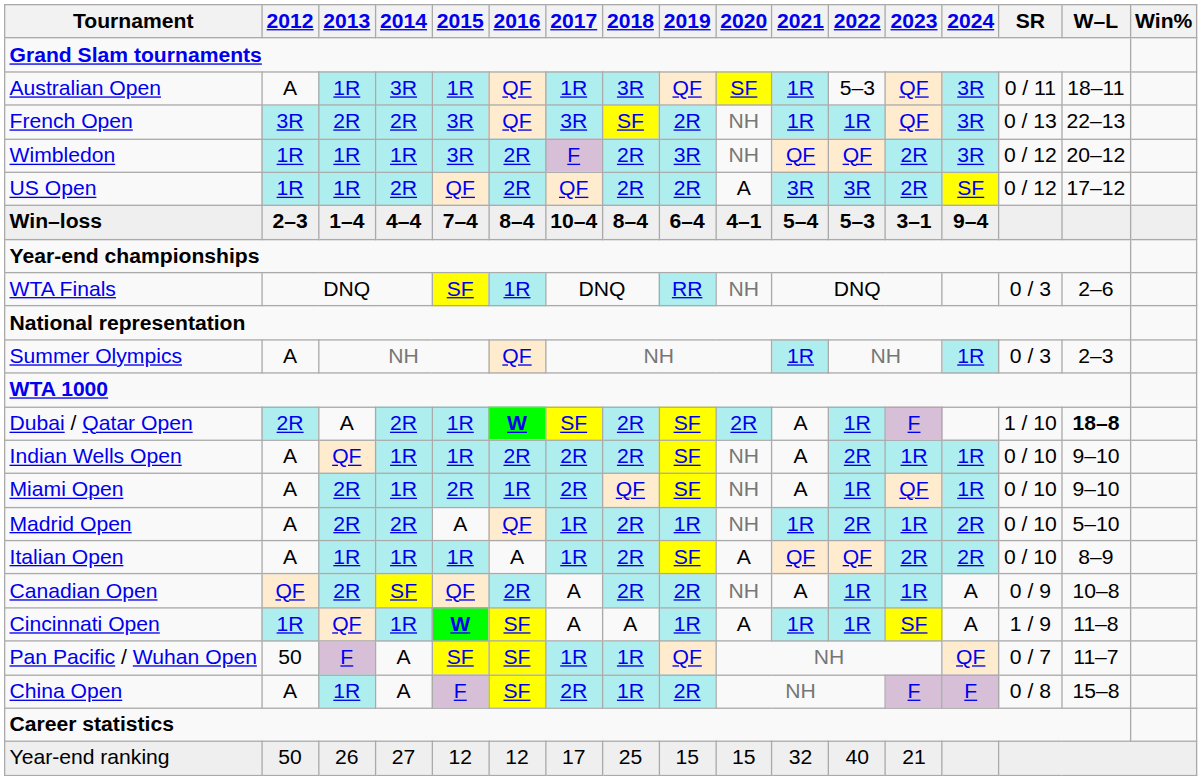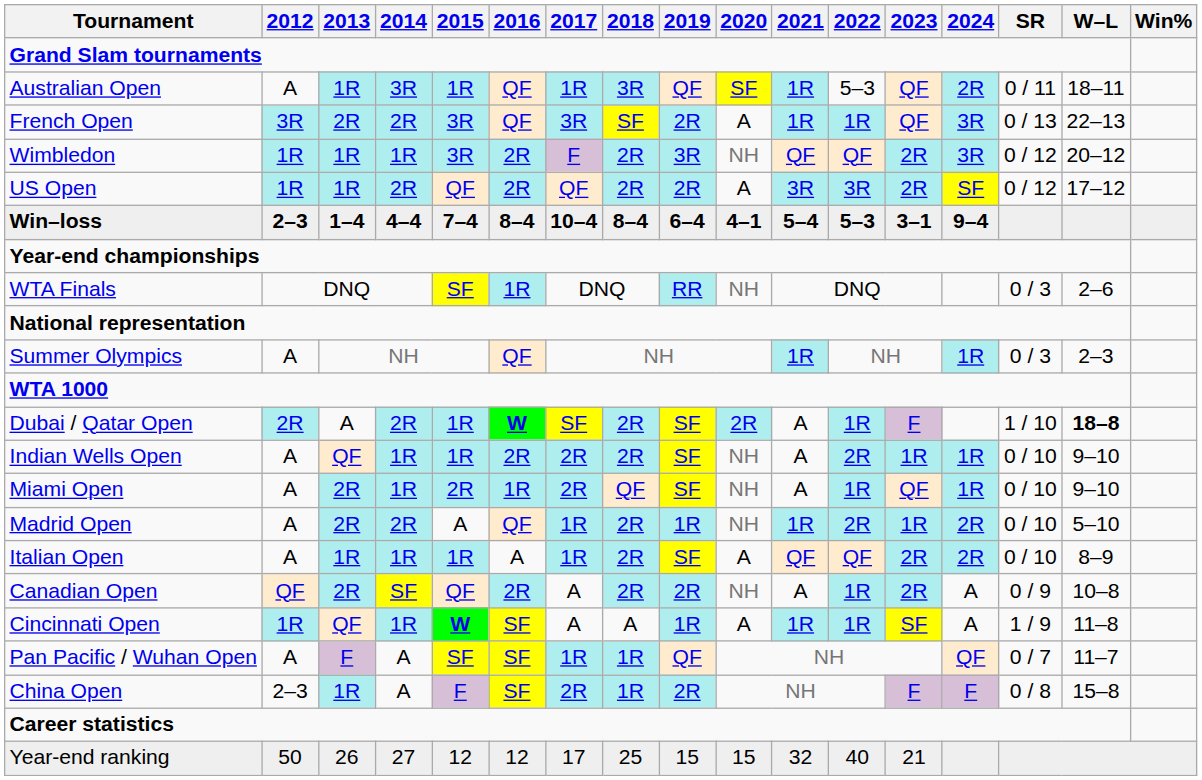 <table class="wikitable" style="text-align:center">
 <tr>
 <th>Tournament</th>
 <th><a href='#'>2012</a></th>
 <th><a href='#'>2013</a></th>
 <th><a href='#'>2014</a></th>
 <th><a href='#'>2015</a></th>
 <th><a href='#'>2016</a></th>
 <th><a href='#'>2017</a></th>
 <th><a href='#'>2018</a></th>
 <th><a href='#'>2019</a></th>
 <th><a href='#'>2020</a></th>
 <th><a href='#'>2021</a></th>
 <th><a href='#'>2022</a></th>
 <th><a href='#'>2023</a></th>
 <th><a href='#'>2024</a></th>
 <th>SR</th>
 <th>W–L</th>
 <th>Win%</th>
 </tr>
 <tr>
 <td colspan="16" align="left"><strong><a href='#'>Grand Slam tournaments</a></strong></td>
 </tr>
 <tr>
 <td style="text-align:left"><a href='#'>Australian Open</a></td>
 <td>A</td>
 <td style="background:#afeeee"><a href='#'>1R</a></td>
 <td style="background:#afeeee"><a href='#'>3R</a></td>
 <td style="background:#afeeee"><a href='#'>1R</a></td>
 <td style="background:#ffebcd"><a href='#'>QF</a></td>
 <td style="background:#afeeee"><a href='#'>1R</a></td>
 <td style="background:#afeeee"><a href='#'>3R</a></td>
 <td style="background:#ffebcd"><a href='#'>QF</a></td>
 <td style="background:yellow"><a href='#'>SF</a></td>
 <td style="background:#afeeee"><a href='#'>1R</a></td>
 <td>5–3</td>
 <td style="background:#ffebcd"><a href='#'>QF</a></td>
-<td style="background:#afeeee"><a href='#'>3R</a></td>
+<td style="background:#afeeee"><a href='#'>2R</a></td>
 <td>0 / 11</td>
 <td>18–11</td>
 <td></td>
 </tr>
 <tr>
 <td style="text-align:left"><a href='#'>French Open</a></td>
 <td style="background:#afeeee"><a href='#'>3R</a></td>
 <td style="background:#afeeee"><a href='#'>2R</a></td>
 <td style="background:#afeeee"><a href='#'>2R</a></td>
 <td style="background:#afeeee"><a href='#'>3R</a></td>
 <td style="background:#ffebcd"><a href='#'>QF</a></td>
 <td style="background:#afeeee"><a href='#'>3R</a></td>
 <td style="background:yellow"><a href='#'>SF</a></td>
 <td style="background:#afeeee"><a href='#'>2R</a></td>
-<td style=color:#767676;>NH</td>
+<td>A</td>
 <td style="background:#afeeee"><a href='#'>1R</a></td>
 <td style="background:#afeeee"><a href='#'>1R</a></td>
 <td style="background:#ffebcd"><a href='#'>QF</a></td>
 <td style="background:#afeeee"><a href='#'>3R</a></td>
 <td>0 / 13</td>
 <td>22–13</td>
 <td></td>
 </tr>
 <tr>
 <td style="text-align:left"><a href='#'>Wimbledon</a></td>
 <td style="background:#afeeee"><a href='#'>1R</a></td>
 <td style="background:#afeeee"><a href='#'>1R</a></td>
 <td style="background:#afeeee"><a href='#'>1R</a></td>
 <td style="background:#afeeee"><a href='#'>3R</a></td>
 <td style="background:#afeeee"><a href='#'>2R</a></td>
 <td style="background:thistle"><a href='#'>F</a></td>
 <td style="background:#afeeee"><a href='#'>2R</a></td>
 <td style="background:#afeeee"><a href='#'>3R</a></td>
 <td style="color:#767676">NH</td>
 <td style="background:#ffebcd"><a href='#'>QF</a></td>
 <td style="background:#ffebcd"><a href='#'>QF</a></td>
 <td style="background:#afeeee"><a href='#'>2R</a></td>
 <td style="background:#afeeee"><a href='#'>3R</a></td>
 <td>0 / 12</td>
 <td>20–12</td>
 <td></td>
 </tr>
 <tr>
 <td style="text-align:left"><a href='#'>US Open</a></td>
 <td style="background:#afeeee"><a href='#'>1R</a></td>
 <td style="background:#afeeee"><a href='#'>1R</a></td>
 <td style="background:#afeeee"><a href='#'>2R</a></td>
 <td style="background:#ffebcd"><a href='#'>QF</a></td>
 <td style="background:#afeeee"><a href='#'>2R</a></td>
 <td style="background:#ffebcd"><a href='#'>QF</a></td>
 <td style="background:#afeeee"><a href='#'>2R</a></td>
 <td style="background:#afeeee"><a href='#'>2R</a></td>
 <td>A</td>
 <td style="background:#afeeee"><a href='#'>3R</a></td>
 <td style="background:#afeeee"><a href='#'>3R</a></td>
 <td style="background:#afeeee"><a href='#'>2R</a></td>
 <td style="background:yellow"><a href='#'>SF</a></td>
 <td>0 / 12</td>
 <td>17–12</td>
 <td></td>
 </tr>
 <tr style=background:#efefef;font-weight:bold;>
 <td style="text-align:left">Win–loss</td>
 <td>2–3</td>
 <td>1–4</td>
 <td>4–4</td>
 <td>7–4</td>
 <td>8–4</td>
 <td>10–4</td>
 <td>8–4</td>
 <td>6–4</td>
 <td>4–1</td>
 <td>5–4</td>
 <td>5–3</td>
 <td>3–1</td>
 <td>9–4</td>
 <td></td>
 <td></td>
 <td></td>
 </tr>
 <tr>
 <td colspan="16" align="left"><strong>Year-end championships</strong></td>
 </tr>
 <tr>
 <td align=left><a href='#'>WTA Finals</a></td>
 <td colspan="3">DNQ</td>
 <td bgcolor=yellow><a href='#'>SF</a></td>
 <td bgcolor=afeeee><a href='#'>1R</a></td>
 <td colspan="2">DNQ</td>
 <td bgcolor=afeeee><a href='#'>RR</a></td>
 <td style=color:#767676;>NH</td>
 <td colspan="3">DNQ</td>
 <td></td>
 <td>0 / 3</td>
 <td>2–6</td>
 <td></td>
 </tr>
 <tr>
 <td colspan="16" align="left"><strong>National representation</strong></td>
 </tr>
 <tr>
 <td align=left><a href='#'>Summer Olympics</a></td>
 <td>A</td>
 <td style=color:#767676; colspan="3">NH</td>
 <td bgcolor=ffebcd><a href='#'>QF</a></td>
 <td style=color:#767676; colspan="4">NH</td>
 <td bgcolor=afeeee><a href='#'>1R</a></td>
 <td style=color:#767676; colspan="2">NH</td>
 <td bgcolor=afeeee><a href='#'>1R</a></td>
 <td>0 / 3</td>
 <td>2–3</td>
 <td></td>
 </tr>
 <tr>
 <td colspan="16" align="left"><strong><a href='#'>WTA 1000</a></strong></td>
 </tr>
 <tr>
 <td align=left><a href='#'>Dubai</a> / <a href='#'>Qatar Open</a></td>
 <td bgcolor=afeeee><a href='#'>2R</a></td>
 <td>A</td>
 <td bgcolor=afeeee><a href='#'>2R</a></td>
 <td bgcolor=afeeee><a href='#'>1R</a></td>
 <td bgcolor=lime><strong><a href='#'>W</a></strong></td>
 <td bgcolor=yellow><a href='#'>SF</a></td>
 <td bgcolor=afeeee><a href='#'>2R</a></td>
 <td bgcolor=yellow><a href='#'>SF</a></td>
 <td bgcolor=afeeee><a href='#'>2R</a></td>
 <td>A</td>
 <td bgcolor=afeeee><a href='#'>1R</a></td>
 <td bgcolor=thistle><a href='#'>F</a></td>
 <td></td>
 <td>1 / 10</td>
 <td><strong>18–8</strong></td>
 <td></td>
 </tr>
 <tr>
 <td align=left><a href='#'>Indian Wells Open</a></td>
 <td>A</td>
 <td bgcolor=ffebcd><a href='#'>QF</a></td>
 <td bgcolor=afeeee><a href='#'>1R</a></td>
 <td bgcolor=afeeee><a href='#'>1R</a></td>
 <td bgcolor=afeeee><a href='#'>2R</a></td>
 <td bgcolor=afeeee><a href='#'>2R</a></td>
 <td bgcolor=afeeee><a href='#'>2R</a></td>
 <td bgcolor=yellow><a href='#'>SF</a></td>
 <td style="color:#767676;">NH</td>
 <td>A</td>
 <td bgcolor=afeeee><a href='#'>2R</a></td>
 <td bgcolor=afeeee><a href='#'>1R</a></td>
 <td bgcolor=afeeee><a href='#'>1R</a></td>
 <td>0 / 10</td>
 <td>9–10</td>
 <td></td>
 </tr>
 <tr>
 <td align=left><a href='#'>Miami Open</a></td>
 <td>A</td>
 <td bgcolor=afeeee><a href='#'>2R</a></td>
 <td bgcolor=afeeee><a href='#'>1R</a></td>
 <td bgcolor=afeeee><a href='#'>2R</a></td>
 <td bgcolor=afeeee><a href='#'>1R</a></td>
 <td bgcolor=afeeee><a href='#'>2R</a></td>
 <td bgcolor=ffebcd><a href='#'>QF</a></td>
 <td bgcolor=yellow><a href='#'>SF</a></td>
 <td style=color:#767676;>NH</td>
 <td>A</td>
 <td bgcolor=afeeee><a href='#'>1R</a></td>
 <td bgcolor=ffebcd><a href='#'>QF</a></td>
 <td bgcolor=afeeee><a href='#'>1R</a></td>
 <td>0 / 10</td>
 <td>9–10</td>
 <td></td>
 </tr>
 <tr>
 <td align=left><a href='#'>Madrid Open</a></td>
 <td>A</td>
 <td bgcolor=afeeee><a href='#'>2R</a></td>
 <td bgcolor=afeeee><a href='#'>2R</a></td>
 <td>A</td>
 <td bgcolor=ffebcd><a href='#'>QF</a></td>
 <td bgcolor=afeeee><a href='#'>1R</a></td>
 <td bgcolor=afeeee><a href='#'>2R</a></td>
 <td bgcolor=afeeee><a href='#'>1R</a></td>
 <td style=color:#767676;>NH</td>
 <td bgcolor=afeeee><a href='#'>1R</a></td>
 <td bgcolor=afeeee><a href='#'>2R</a></td>
 <td bgcolor=afeeee><a href='#'>1R</a></td>
 <td bgcolor=afeeee><a href='#'>2R</a></td>
 <td>0 / 10</td>
 <td>5–10</td>
 <td></td>
 </tr>
 <tr>
 <td align=left><a href='#'>Italian Open</a></td>
 <td>A</td>
 <td bgcolor=afeeee><a href='#'>1R</a></td>
 <td bgcolor=afeeee><a href='#'>1R</a></td>
 <td bgcolor=afeeee><a href='#'>1R</a></td>
 <td>A</td>
 <td bgcolor=afeeee><a href='#'>1R</a></td>
 <td bgcolor=afeeee><a href='#'>2R</a></td>
 <td bgcolor=yellow><a href='#'>SF</a></td>
 <td>A</td>
 <td bgcolor=ffebcd><a href='#'>QF</a></td>
 <td bgcolor=ffebcd><a href='#'>QF</a></td>
 <td bgcolor=afeeee><a href='#'>2R</a></td>
 <td bgcolor=afeeee><a href='#'>2R</a></td>
 <td>0 / 10</td>
 <td>8–9</td>
 <td></td>
 </tr>
 <tr>
 <td align=left><a href='#'>Canadian Open</a></td>
 <td bgcolor=ffebcd><a href='#'>QF</a></td>
 <td bgcolor=afeeee><a href='#'>2R</a></td>
 <td bgcolor=yellow><a href='#'>SF</a></td>
 <td bgcolor=ffebcd><a href='#'>QF</a></td>
 <td bgcolor=afeeee><a href='#'>2R</a></td>
 <td>A</td>
 <td bgcolor=afeeee><a href='#'>2R</a></td>
 <td bgcolor=afeeee><a href='#'>2R</a></td>
 <td style=color:#767676;>NH</td>
 <td>A</td>
 <td bgcolor=afeeee><a href='#'>1R</a></td>
-<td bgcolor=afeeee><a href='#'>1R</a></td>
+<td bgcolor=afeeee><a href='#'>2R</a></td>
 <td>A</td>
 <td>0 / 9</td>
 <td>10–8</td>
 <td></td>
 </tr>
 <tr>
 <td align=left><a href='#'>Cincinnati Open</a></td>
 <td bgcolor=afeeee><a href='#'>1R</a></td>
 <td bgcolor=ffebcd><a href='#'>QF</a></td>
 <td bgcolor=afeeee><a href='#'>1R</a></td>
 <td bgcolor=lime><strong><a href='#'>W</a></strong></td>
 <td bgcolor=yellow><a href='#'>SF</a></td>
 <td>A</td>
 <td>A</td>
 <td bgcolor=afeeee><a href='#'>1R</a></td>
 <td>A</td>
 <td bgcolor=afeeee><a href='#'>1R</a></td>
 <td bgcolor=afeeee><a href='#'>1R</a></td>
 <td bgcolor=yellow><a href='#'>SF</a></td>
 <td>A</td>
 <td>1 / 9</td>
 <td>11–8</td>
 <td></td>
 </tr>
 <tr>
 <td align=left><a href='#'>Pan Pacific</a> / <a href='#'>Wuhan Open</a></td>
-<td>50</td>
+<td>A</td>
 <td bgcolor=thistle><a href='#'>F</a></td>
 <td>A</td>
 <td bgcolor=yellow><a href='#'>SF</a></td>
 <td bgcolor=yellow><a href='#'>SF</a></td>
 <td bgcolor=afeeee><a href='#'>1R</a></td>
 <td bgcolor=afeeee><a href='#'>1R</a></td>
 <td bgcolor=ffebcd><a href='#'>QF</a></td>
 <td colspan="4" style="color:#767676;">NH</td>
 <td bgcolor=ffebcd><a href='#'>QF</a></td>
 <td>0 / 7</td>
 <td>11–7</td>
 <td></td>
 </tr>
 <tr>
 <td align=left><a href='#'>China Open</a></td>
-<td>A</td>
+<td>2–3</td>
 <td bgcolor=afeeee><a href='#'>1R</a></td>
 <td>A</td>
 <td bgcolor=thistle><a href='#'>F</a></td>
 <td bgcolor=yellow><a href='#'>SF</a></td>
 <td bgcolor=afeeee><a href='#'>2R</a></td>
 <td bgcolor=afeeee><a href='#'>1R</a></td>
 <td bgcolor=afeeee><a href='#'>2R</a></td>
 <td colspan="3" style="color:#767676;">NH</td>
 <td bgcolor=thistle><a href='#'>F</a></td>
 <td bgcolor=thistle><a href='#'>F</a></td>
 <td>0 / 8</td>
 <td>15–8</td>
 <td></td>
 </tr>
 <tr>
 <td colspan="16" align="left"><strong>Career statistics</strong></td>
 </tr>
 <tr bgcolor=efefef>
 <td align=left>Year-end ranking</td>
 <td>50</td>
 <td>26</td>
 <td>27</td>
 <td>12</td>
 <td>12</td>
 <td>17</td>
 <td>25</td>
 <td>15</td>
 <td>15</td>
 <td>32</td>
 <td>40</td>
 <td>21</td>
 <td></td>
 <td colspan="3"></td>
 </tr>
 </table>
